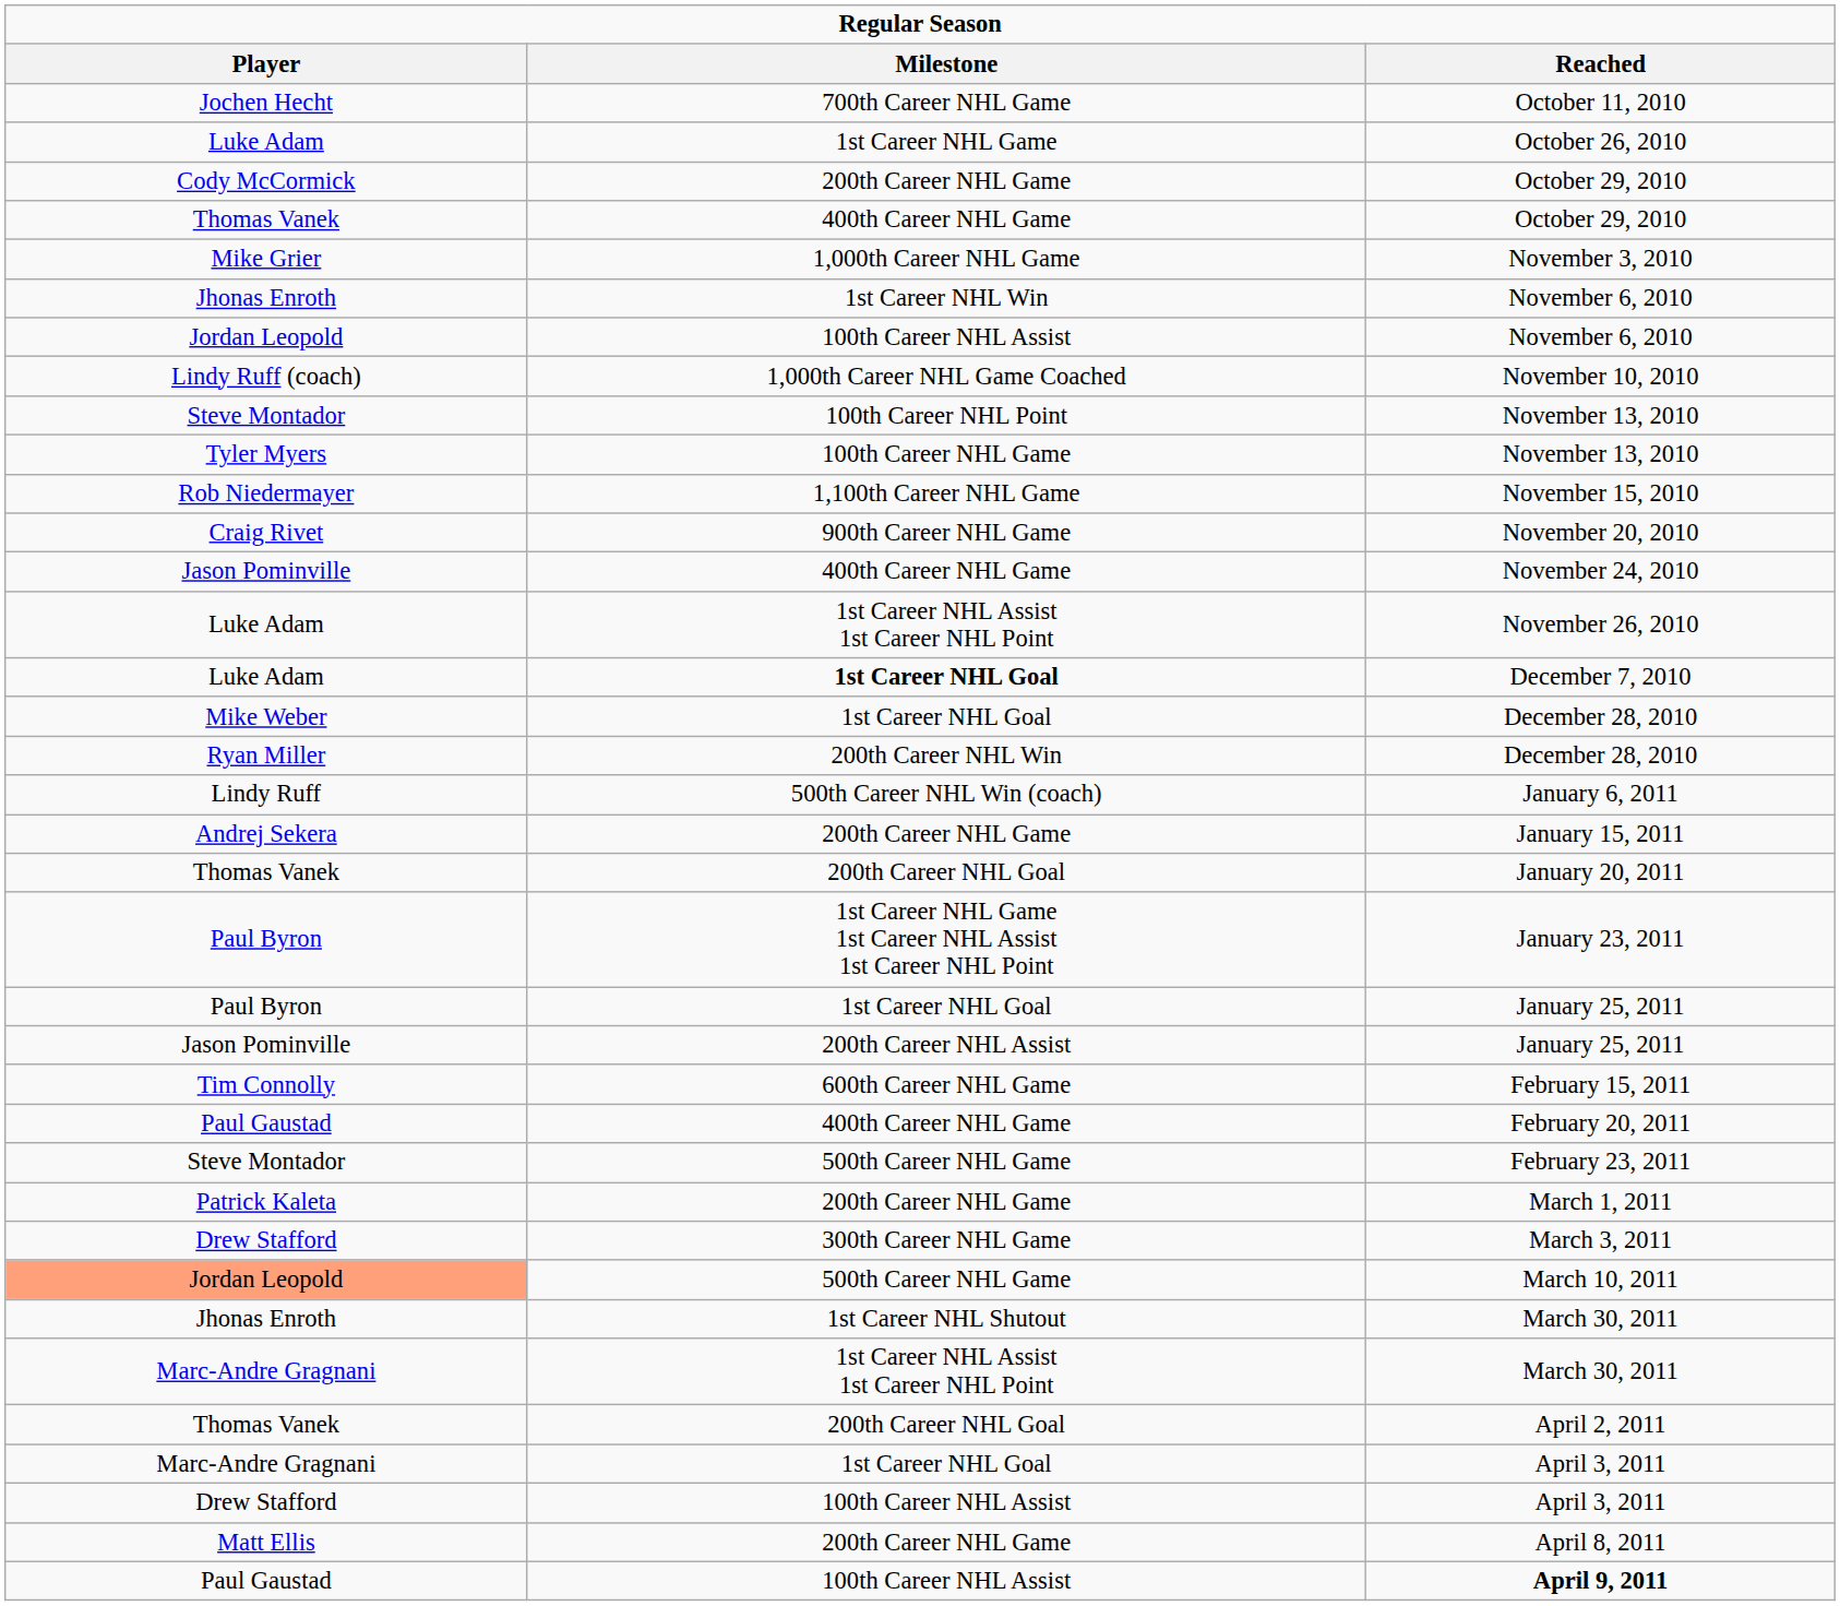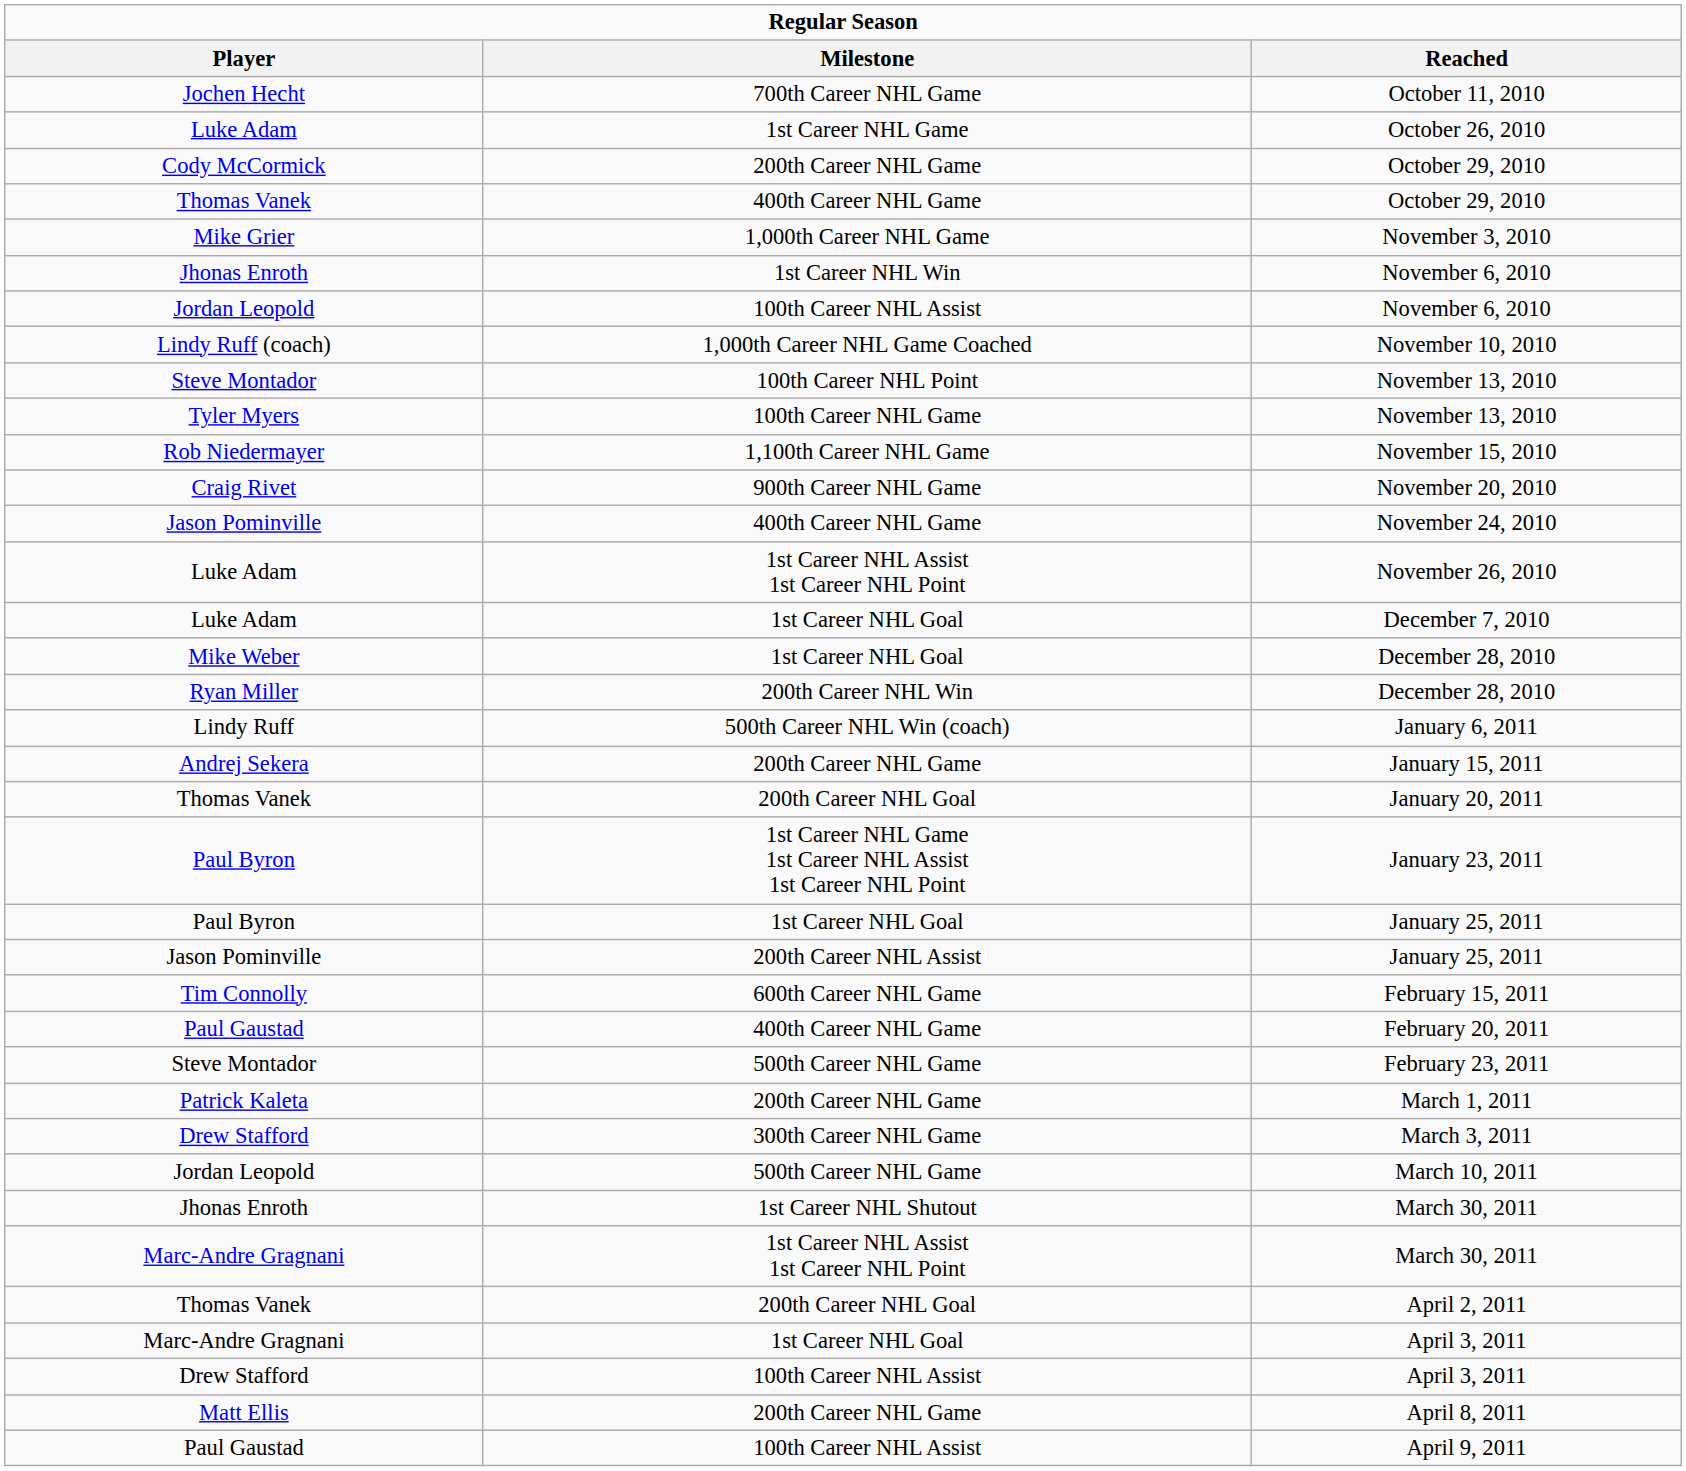 <table class="wikitable" width="60%" style="text-align:center">
 <tr>
 <td colspan="10" align="center"><strong>Regular Season</strong></td>
 </tr>
 <tr>
 <th>Player</th>
 <th>Milestone</th>
 <th>Reached</th>
 </tr>
 <tr>
 <td><a href='#'>Jochen Hecht</a></td>
 <td>700th Career NHL Game</td>
 <td>October 11, 2010</td>
 </tr>
 <tr>
 <td><a href='#'>Luke Adam</a></td>
 <td>1st Career NHL Game</td>
 <td>October 26, 2010</td>
 </tr>
 <tr>
 <td><a href='#'>Cody McCormick</a></td>
 <td>200th Career NHL Game</td>
 <td>October 29, 2010</td>
 </tr>
 <tr>
 <td><a href='#'>Thomas Vanek</a></td>
 <td>400th Career NHL Game</td>
 <td>October 29, 2010</td>
 </tr>
 <tr>
 <td><a href='#'>Mike Grier</a></td>
 <td>1,000th Career NHL Game</td>
 <td>November 3, 2010</td>
 </tr>
 <tr>
 <td><a href='#'>Jhonas Enroth</a></td>
 <td>1st Career NHL Win</td>
 <td>November 6, 2010</td>
 </tr>
 <tr>
 <td><a href='#'>Jordan Leopold</a></td>
 <td>100th Career NHL Assist</td>
 <td>November 6, 2010</td>
 </tr>
 <tr>
 <td><a href='#'>Lindy Ruff</a> (coach)</td>
 <td>1,000th Career NHL Game Coached</td>
 <td>November 10, 2010</td>
 </tr>
 <tr>
 <td><a href='#'>Steve Montador</a></td>
 <td>100th Career NHL Point</td>
 <td>November 13, 2010</td>
 </tr>
 <tr>
 <td><a href='#'>Tyler Myers</a></td>
 <td>100th Career NHL Game</td>
 <td>November 13, 2010</td>
 </tr>
 <tr>
 <td><a href='#'>Rob Niedermayer</a></td>
 <td>1,100th Career NHL Game</td>
 <td>November 15, 2010</td>
 </tr>
 <tr>
 <td><a href='#'>Craig Rivet</a></td>
 <td>900th Career NHL Game</td>
 <td>November 20, 2010</td>
 </tr>
 <tr>
 <td><a href='#'>Jason Pominville</a></td>
 <td>400th Career NHL Game</td>
 <td>November 24, 2010</td>
 </tr>
 <tr>
 <td>Luke Adam</td>
 <td>1st Career NHL Assist<br>1st Career NHL Point</td>
 <td>November 26, 2010</td>
 </tr>
 <tr>
 <td>Luke Adam</td>
-<td><strong>1st Career NHL Goal</strong></td>
+<td>1st Career NHL Goal</td>
 <td>December 7, 2010</td>
 </tr>
 <tr>
 <td><a href='#'>Mike Weber</a></td>
 <td>1st Career NHL Goal</td>
 <td>December 28, 2010</td>
 </tr>
 <tr>
 <td><a href='#'>Ryan Miller</a></td>
 <td>200th Career NHL Win</td>
 <td>December 28, 2010</td>
 </tr>
 <tr>
 <td>Lindy Ruff</td>
 <td>500th Career NHL Win (coach)</td>
 <td>January 6, 2011</td>
 </tr>
 <tr>
 <td><a href='#'>Andrej Sekera</a></td>
 <td>200th Career NHL Game</td>
 <td>January 15, 2011</td>
 </tr>
 <tr>
 <td>Thomas Vanek</td>
 <td>200th Career NHL Goal</td>
 <td>January 20, 2011</td>
 </tr>
 <tr>
 <td><a href='#'>Paul Byron</a></td>
 <td>1st Career NHL Game<br>1st Career NHL Assist<br>1st Career NHL Point</td>
 <td>January 23, 2011</td>
 </tr>
 <tr>
 <td>Paul Byron</td>
 <td>1st Career NHL Goal</td>
 <td>January 25, 2011</td>
 </tr>
 <tr>
 <td>Jason Pominville</td>
 <td>200th Career NHL Assist</td>
 <td>January 25, 2011</td>
 </tr>
 <tr>
 <td><a href='#'>Tim Connolly</a></td>
 <td>600th Career NHL Game</td>
 <td>February 15, 2011</td>
 </tr>
 <tr>
 <td><a href='#'>Paul Gaustad</a></td>
 <td>400th Career NHL Game</td>
 <td>February 20, 2011</td>
 </tr>
 <tr>
 <td>Steve Montador</td>
 <td>500th Career NHL Game</td>
 <td>February 23, 2011</td>
 </tr>
 <tr>
 <td><a href='#'>Patrick Kaleta</a></td>
 <td>200th Career NHL Game</td>
 <td>March 1, 2011</td>
 </tr>
 <tr>
 <td><a href='#'>Drew Stafford</a></td>
 <td>300th Career NHL Game</td>
 <td>March 3, 2011</td>
 </tr>
 <tr>
-<td style="background: lightsalmon;">Jordan Leopold</td>
+<td>Jordan Leopold</td>
 <td>500th Career NHL Game</td>
 <td>March 10, 2011</td>
 </tr>
 <tr>
 <td>Jhonas Enroth</td>
 <td>1st Career NHL Shutout</td>
 <td>March 30, 2011</td>
 </tr>
 <tr>
 <td><a href='#'>Marc-Andre Gragnani</a></td>
 <td>1st Career NHL Assist<br>1st Career NHL Point</td>
 <td>March 30, 2011</td>
 </tr>
 <tr>
 <td>Thomas Vanek</td>
 <td>200th Career NHL Goal</td>
 <td>April 2, 2011</td>
 </tr>
 <tr>
 <td>Marc-Andre Gragnani</td>
 <td>1st Career NHL Goal</td>
 <td>April 3, 2011</td>
 </tr>
 <tr>
 <td>Drew Stafford</td>
 <td>100th Career NHL Assist</td>
 <td>April 3, 2011</td>
 </tr>
 <tr>
 <td><a href='#'>Matt Ellis</a></td>
 <td>200th Career NHL Game</td>
 <td>April 8, 2011</td>
 </tr>
 <tr>
 <td>Paul Gaustad</td>
 <td>100th Career NHL Assist</td>
-<td><strong>April 9, 2011</strong></td>
+<td>April 9, 2011</td>
 </tr>
 </table>
